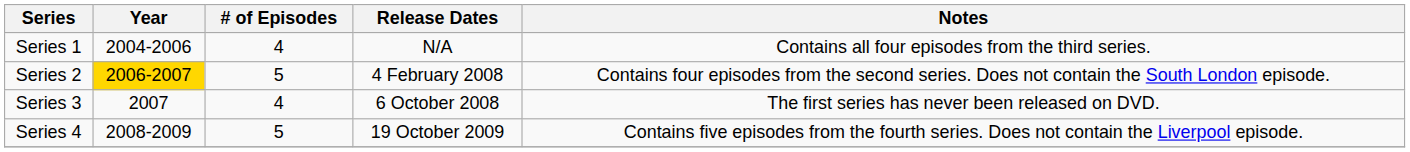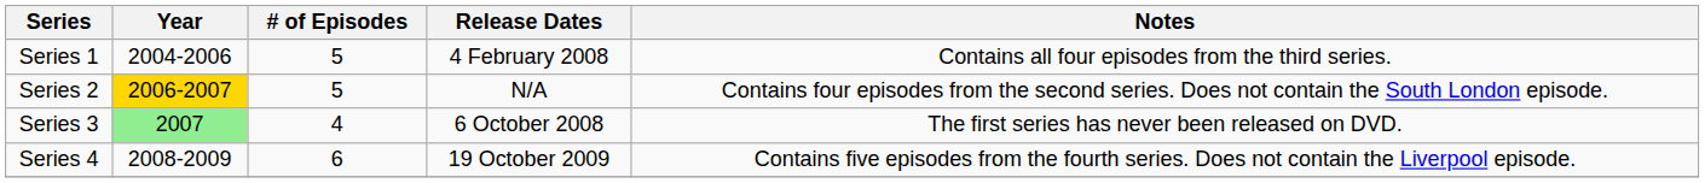 <table class="wikitable"  style="width:99%; left:0 auto; text-align:center;">
 <tr>
 <th>Series</th>
 <th>Year</th>
 <th># of Episodes</th>
 <th>Release Dates</th>
 <th>Notes</th>
 </tr>
 <tr>
 <td>Series 1</td>
 <td>2004-2006</td>
-<td>4</td>
-<td>N/A</td>
+<td>5</td>
+<td>4 February 2008</td>
 <td>Contains all four episodes from the third series.</td>
 </tr>
 <tr>
 <td>Series 2</td>
 <td style="background: gold;">2006-2007</td>
 <td>5</td>
-<td>4 February 2008</td>
+<td>N/A</td>
 <td>Contains four episodes from the second series. Does not contain the <a href='#'>South London</a> episode.</td>
 </tr>
 <tr>
 <td>Series 3</td>
-<td>2007</td>
+<td style="background: lightgreen;">2007</td>
 <td>4</td>
 <td>6 October 2008</td>
 <td>The first series has never been released on DVD.</td>
 </tr>
 <tr>
 <td>Series 4</td>
 <td>2008-2009</td>
-<td>5</td>
+<td>6</td>
 <td>19 October 2009</td>
 <td>Contains five episodes from the fourth series. Does not contain the <a href='#'>Liverpool</a> episode.</td>
 </tr>
 <tr>
 </tr>
 </table>
